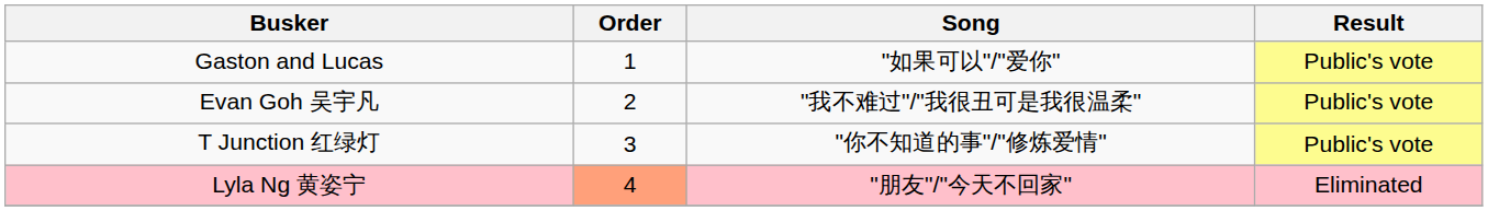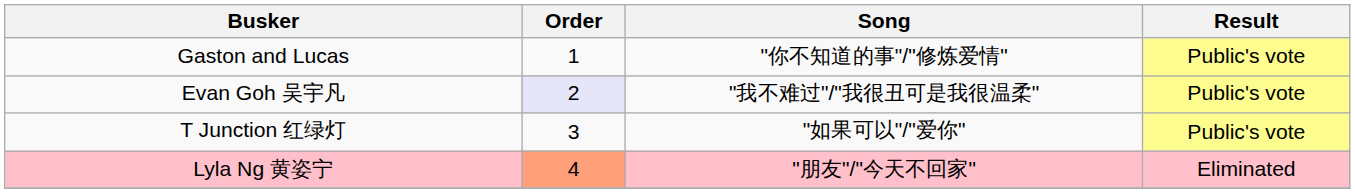 <table class="wikitable" style="text-align:center; ">
 <tr>
 <th style="width:25%;">Busker</th>
 <th style="width:05%;">Order</th>
 <th style="width:25%;">Song</th>
 <th style="width:10%;">Result</th>
 </tr>
 <tr>
 <td>Gaston and Lucas</td>
 <td>1</td>
-<td>"如果可以"/"爱你"</td>
+<td>"你不知道的事"/"修炼爱情"</td>
 <td style="background:#fdfc8f">Public's vote</td>
 </tr>
 <tr>
 <td>Evan Goh 吴宇凡</td>
-<td>2</td>
+<td style="background: lavender;">2</td>
 <td>"我不难过"/"我很丑可是我很温柔"</td>
 <td style="background:#fdfc8f">Public's vote</td>
 </tr>
 <tr>
 <td>T Junction 红绿灯</td>
 <td>3</td>
-<td>"你不知道的事"/"修炼爱情"</td>
+<td>"如果可以"/"爱你"</td>
 <td style="background:#fdfc8f">Public's vote</td>
 </tr>
 <tr>
 <td style="background:pink">Lyla Ng 黄姿宁</td>
 <td style="background: lightsalmon;">4</td>
 <td style="background:pink">"朋友"/"今天不回家"</td>
 <td style="background:pink">Eliminated</td>
 </tr>
 <tr>
 </tr>
 </table>
